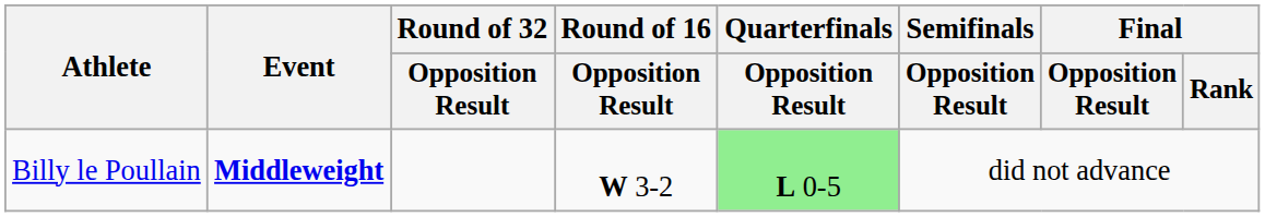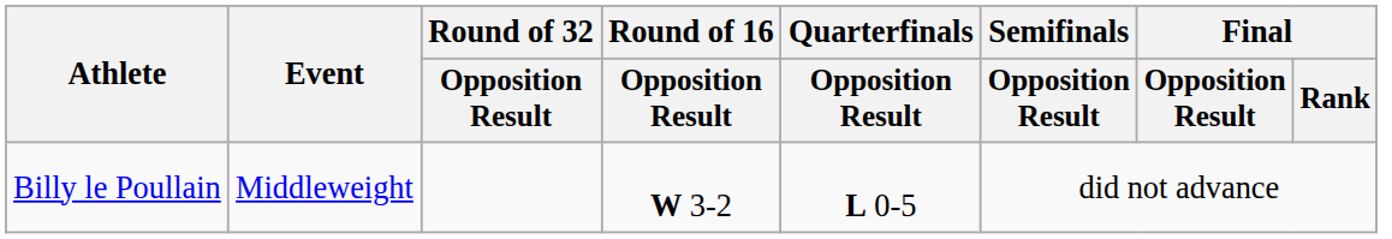 <table class="wikitable" style="font-size:90%; text-align:center">
 <tr>
 <th rowspan=2>Athlete</th>
 <th rowspan=2>Event</th>
 <th>Round of 32</th>
 <th>Round of 16</th>
 <th>Quarterfinals</th>
 <th>Semifinals</th>
 <th colspan=2>Final</th>
 </tr>
 <tr style="font-size:95%">
 <th>Opposition<br>Result</th>
 <th>Opposition<br>Result</th>
 <th>Opposition<br>Result</th>
 <th>Opposition<br>Result</th>
 <th>Opposition<br>Result</th>
 <th>Rank</th>
 </tr>
 <tr>
 <td align=left><a href='#'>Billy le Poullain</a></td>
-<td align=left><strong><a href='#'>Middleweight</a></strong></td>
+<td align=left><a href='#'>Middleweight</a></td>
 <td></td>
 <td><br><strong>W</strong> 3-2</td>
-<td style="background: lightgreen;"><br><strong>L</strong> 0-5</td>
+<td><br><strong>L</strong> 0-5</td>
 <td colspan=3>did not advance</td>
 </tr>
 </table>
